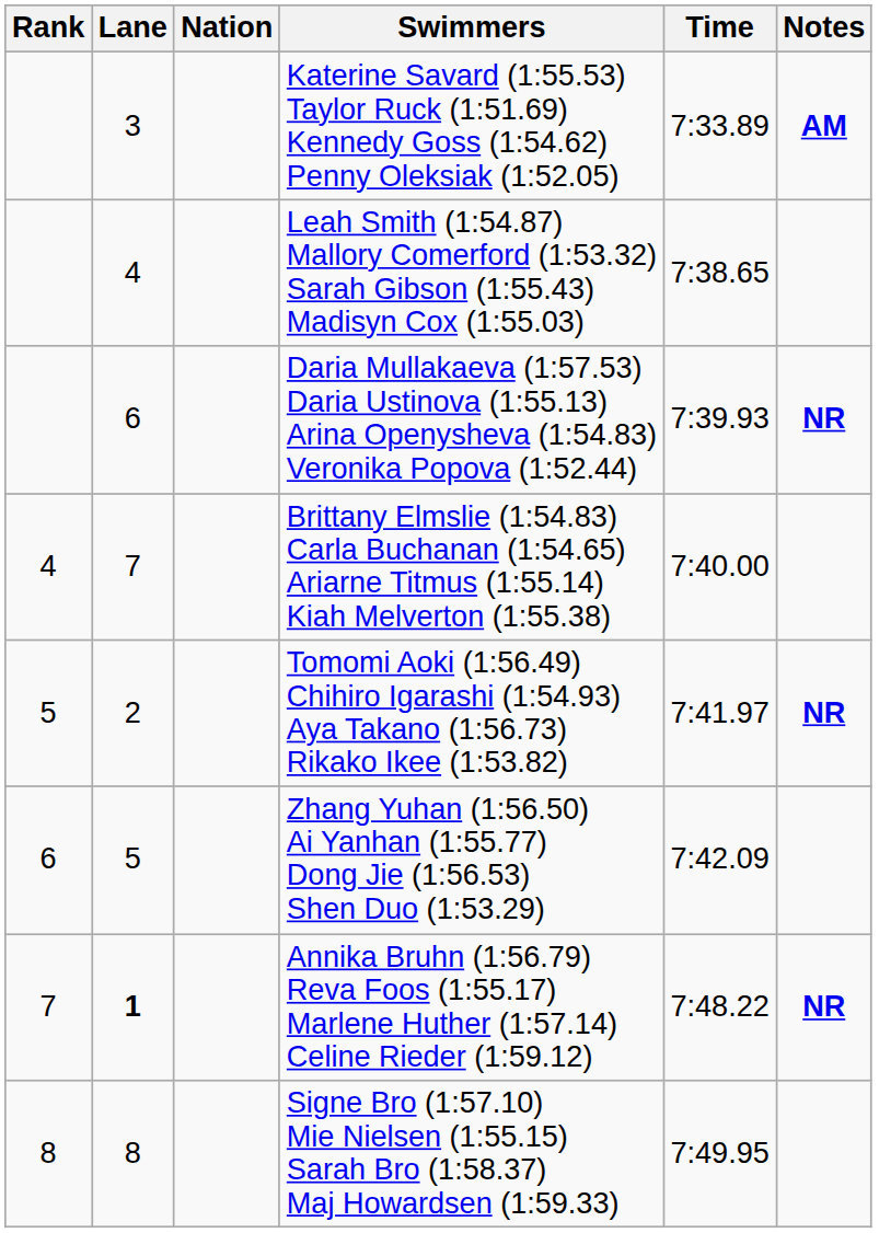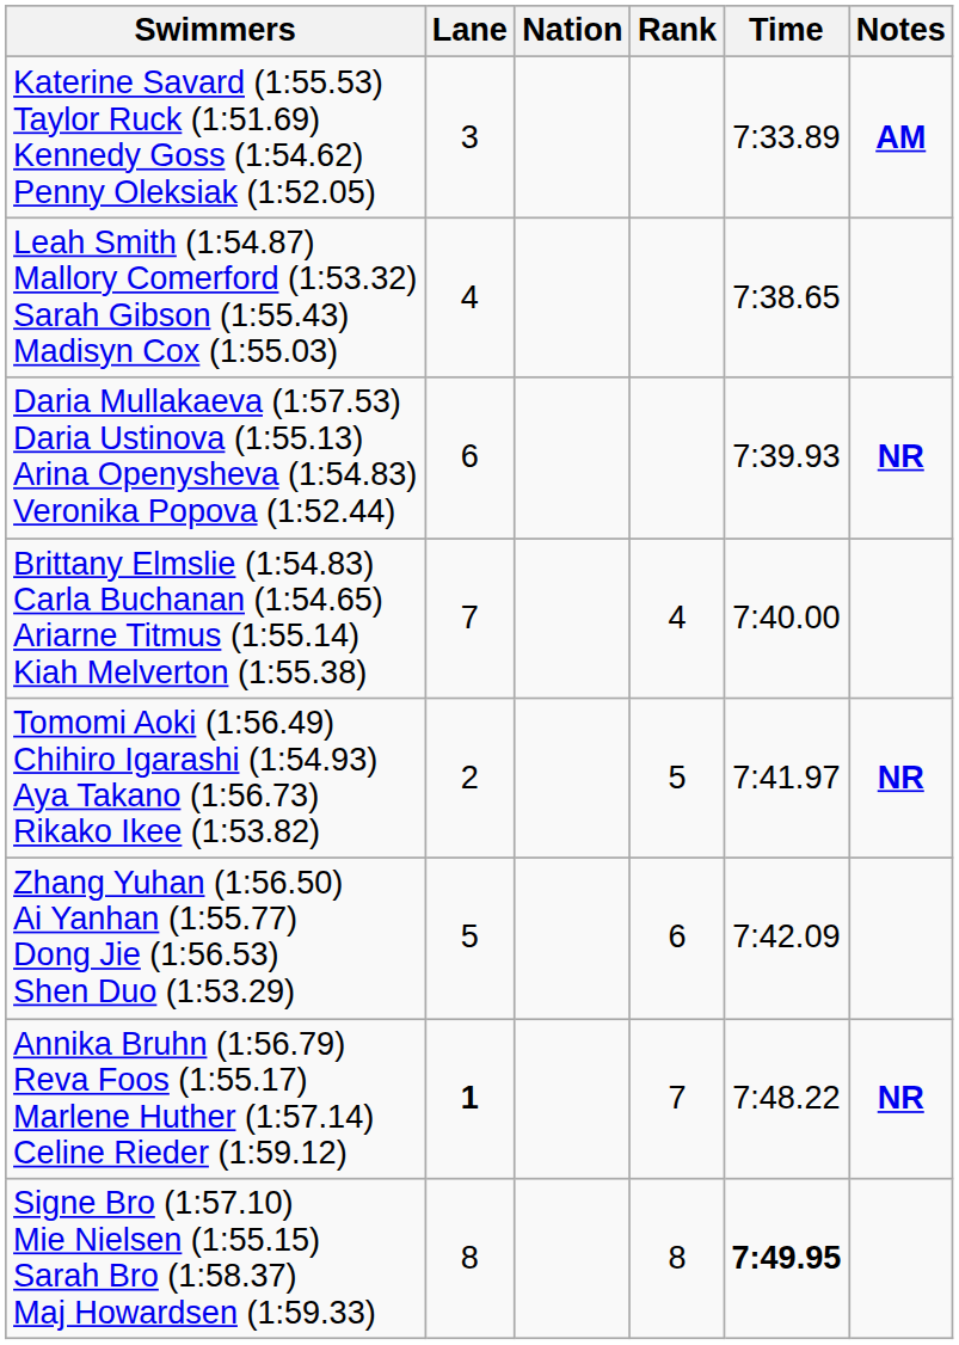 <table class="wikitable sortable" style="text-align:center">
 <tr>
-<th>Rank</th>
+<th>Swimmers</th>
 <th>Lane</th>
 <th>Nation</th>
-<th>Swimmers</th>
+<th>Rank</th>
 <th>Time</th>
 <th>Notes</th>
 </tr>
 <tr>
-<td></td>
+<td align=left><a href='#'>Katerine Savard</a> (1:55.53)<br><a href='#'>Taylor Ruck</a> (1:51.69)<br><a href='#'>Kennedy Goss</a> (1:54.62)<br><a href='#'>Penny Oleksiak</a> (1:52.05)</td>
 <td>3</td>
 <td align=left></td>
-<td align=left><a href='#'>Katerine Savard</a> (1:55.53)<br><a href='#'>Taylor Ruck</a> (1:51.69)<br><a href='#'>Kennedy Goss</a> (1:54.62)<br><a href='#'>Penny Oleksiak</a> (1:52.05)</td>
+<td></td>
 <td>7:33.89</td>
 <td><strong><a href='#'>AM</a></strong></td>
 </tr>
 <tr>
-<td></td>
+<td align=left><a href='#'>Leah Smith</a> (1:54.87)<br><a href='#'>Mallory Comerford</a> (1:53.32)<br><a href='#'>Sarah Gibson</a> (1:55.43)<br><a href='#'>Madisyn Cox</a> (1:55.03)</td>
 <td>4</td>
 <td align=left></td>
-<td align=left><a href='#'>Leah Smith</a> (1:54.87)<br><a href='#'>Mallory Comerford</a> (1:53.32)<br><a href='#'>Sarah Gibson</a> (1:55.43)<br><a href='#'>Madisyn Cox</a> (1:55.03)</td>
+<td></td>
 <td>7:38.65</td>
 <td></td>
 </tr>
 <tr>
-<td></td>
+<td align=left><a href='#'>Daria Mullakaeva</a> (1:57.53)<br><a href='#'>Daria Ustinova</a> (1:55.13)<br><a href='#'>Arina Openysheva</a> (1:54.83)<br><a href='#'>Veronika Popova</a> (1:52.44)</td>
 <td>6</td>
 <td align=left></td>
-<td align=left><a href='#'>Daria Mullakaeva</a> (1:57.53)<br><a href='#'>Daria Ustinova</a> (1:55.13)<br><a href='#'>Arina Openysheva</a> (1:54.83)<br><a href='#'>Veronika Popova</a> (1:52.44)</td>
+<td></td>
 <td>7:39.93</td>
 <td><strong><a href='#'>NR</a></strong></td>
 </tr>
 <tr>
-<td>4</td>
+<td align=left><a href='#'>Brittany Elmslie</a> (1:54.83)<br><a href='#'>Carla Buchanan</a> (1:54.65)<br><a href='#'>Ariarne Titmus</a> (1:55.14)<br><a href='#'>Kiah Melverton</a> (1:55.38)</td>
 <td>7</td>
 <td align=left></td>
-<td align=left><a href='#'>Brittany Elmslie</a> (1:54.83)<br><a href='#'>Carla Buchanan</a> (1:54.65)<br><a href='#'>Ariarne Titmus</a> (1:55.14)<br><a href='#'>Kiah Melverton</a> (1:55.38)</td>
+<td>4</td>
 <td>7:40.00</td>
 <td></td>
 </tr>
 <tr>
-<td>5</td>
+<td align=left><a href='#'>Tomomi Aoki</a> (1:56.49)<br><a href='#'>Chihiro Igarashi</a> (1:54.93)<br><a href='#'>Aya Takano</a> (1:56.73)<br><a href='#'>Rikako Ikee</a> (1:53.82)</td>
 <td>2</td>
 <td align=left></td>
-<td align=left><a href='#'>Tomomi Aoki</a> (1:56.49)<br><a href='#'>Chihiro Igarashi</a> (1:54.93)<br><a href='#'>Aya Takano</a> (1:56.73)<br><a href='#'>Rikako Ikee</a> (1:53.82)</td>
+<td>5</td>
 <td>7:41.97</td>
 <td><strong><a href='#'>NR</a></strong></td>
 </tr>
 <tr>
-<td>6</td>
+<td align=left><a href='#'>Zhang Yuhan</a> (1:56.50)<br><a href='#'>Ai Yanhan</a> (1:55.77)<br><a href='#'>Dong Jie</a> (1:56.53)<br><a href='#'>Shen Duo</a> (1:53.29)</td>
 <td>5</td>
 <td align=left></td>
-<td align=left><a href='#'>Zhang Yuhan</a> (1:56.50)<br><a href='#'>Ai Yanhan</a> (1:55.77)<br><a href='#'>Dong Jie</a> (1:56.53)<br><a href='#'>Shen Duo</a> (1:53.29)</td>
+<td>6</td>
 <td>7:42.09</td>
 <td></td>
 </tr>
 <tr>
-<td>7</td>
+<td align=left><a href='#'>Annika Bruhn</a> (1:56.79)<br><a href='#'>Reva Foos</a> (1:55.17)<br><a href='#'>Marlene Huther</a> (1:57.14)<br><a href='#'>Celine Rieder</a> (1:59.12)</td>
 <td><strong>1</strong></td>
 <td align=left></td>
-<td align=left><a href='#'>Annika Bruhn</a> (1:56.79)<br><a href='#'>Reva Foos</a> (1:55.17)<br><a href='#'>Marlene Huther</a> (1:57.14)<br><a href='#'>Celine Rieder</a> (1:59.12)</td>
+<td>7</td>
 <td>7:48.22</td>
 <td><strong><a href='#'>NR</a></strong></td>
 </tr>
 <tr>
-<td>8</td>
+<td align=left><a href='#'>Signe Bro</a> (1:57.10)<br><a href='#'>Mie Nielsen</a> (1:55.15)<br><a href='#'>Sarah Bro</a> (1:58.37)<br><a href='#'>Maj Howardsen</a> (1:59.33)</td>
 <td>8</td>
 <td align=left></td>
-<td align=left><a href='#'>Signe Bro</a> (1:57.10)<br><a href='#'>Mie Nielsen</a> (1:55.15)<br><a href='#'>Sarah Bro</a> (1:58.37)<br><a href='#'>Maj Howardsen</a> (1:59.33)</td>
-<td>7:49.95</td>
+<td>8</td>
+<td><strong>7:49.95</strong></td>
 <td></td>
 </tr>
 </table>
